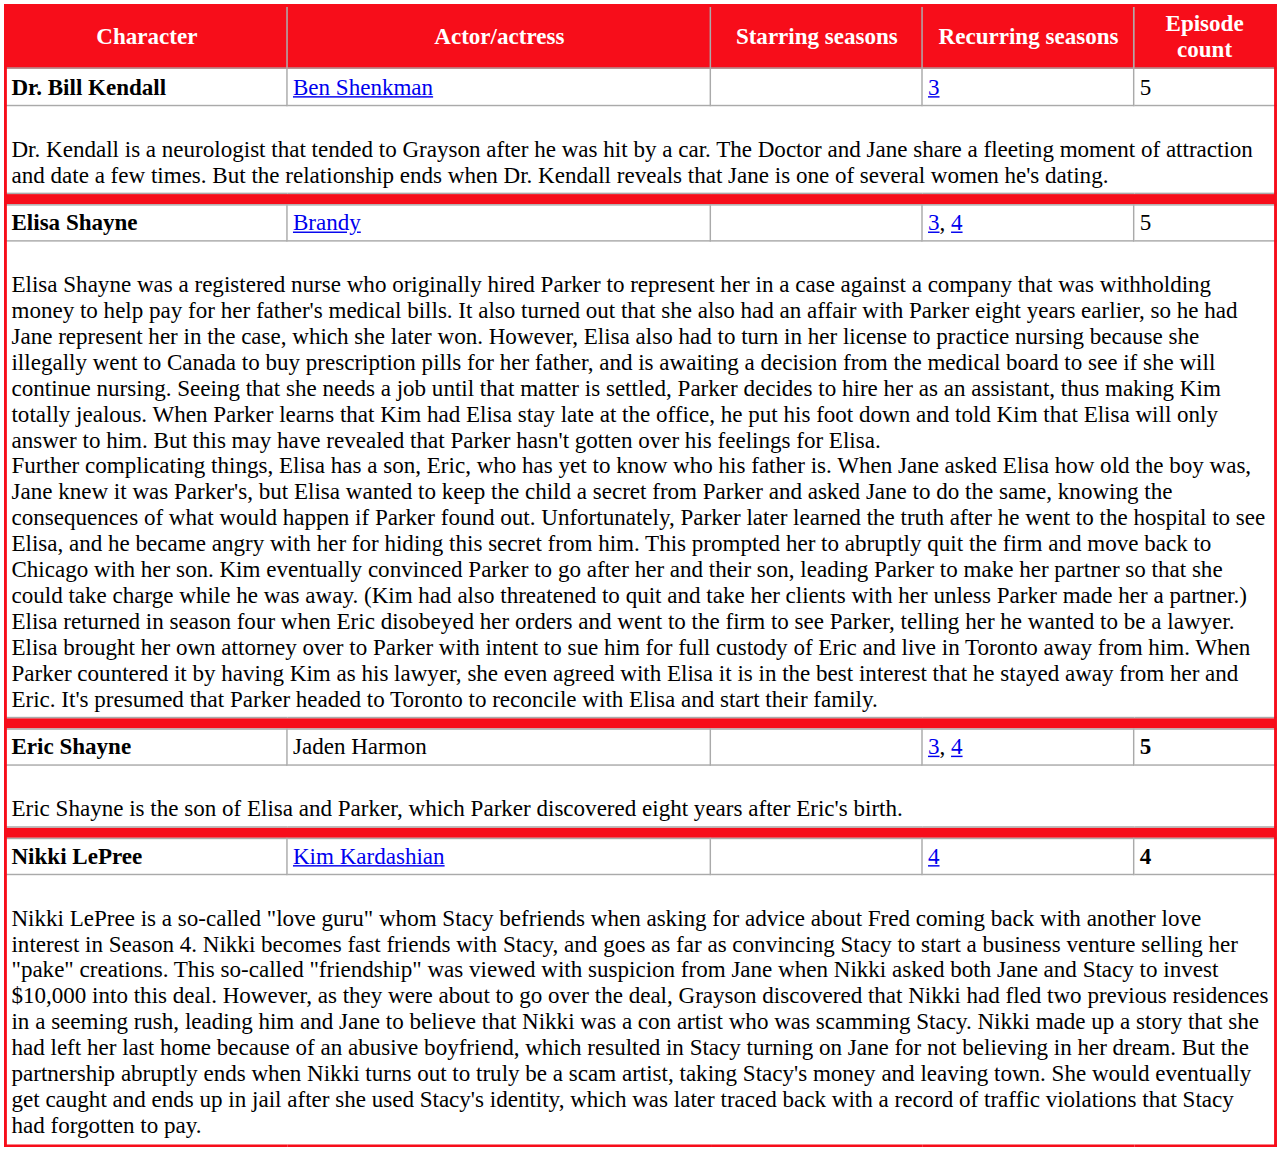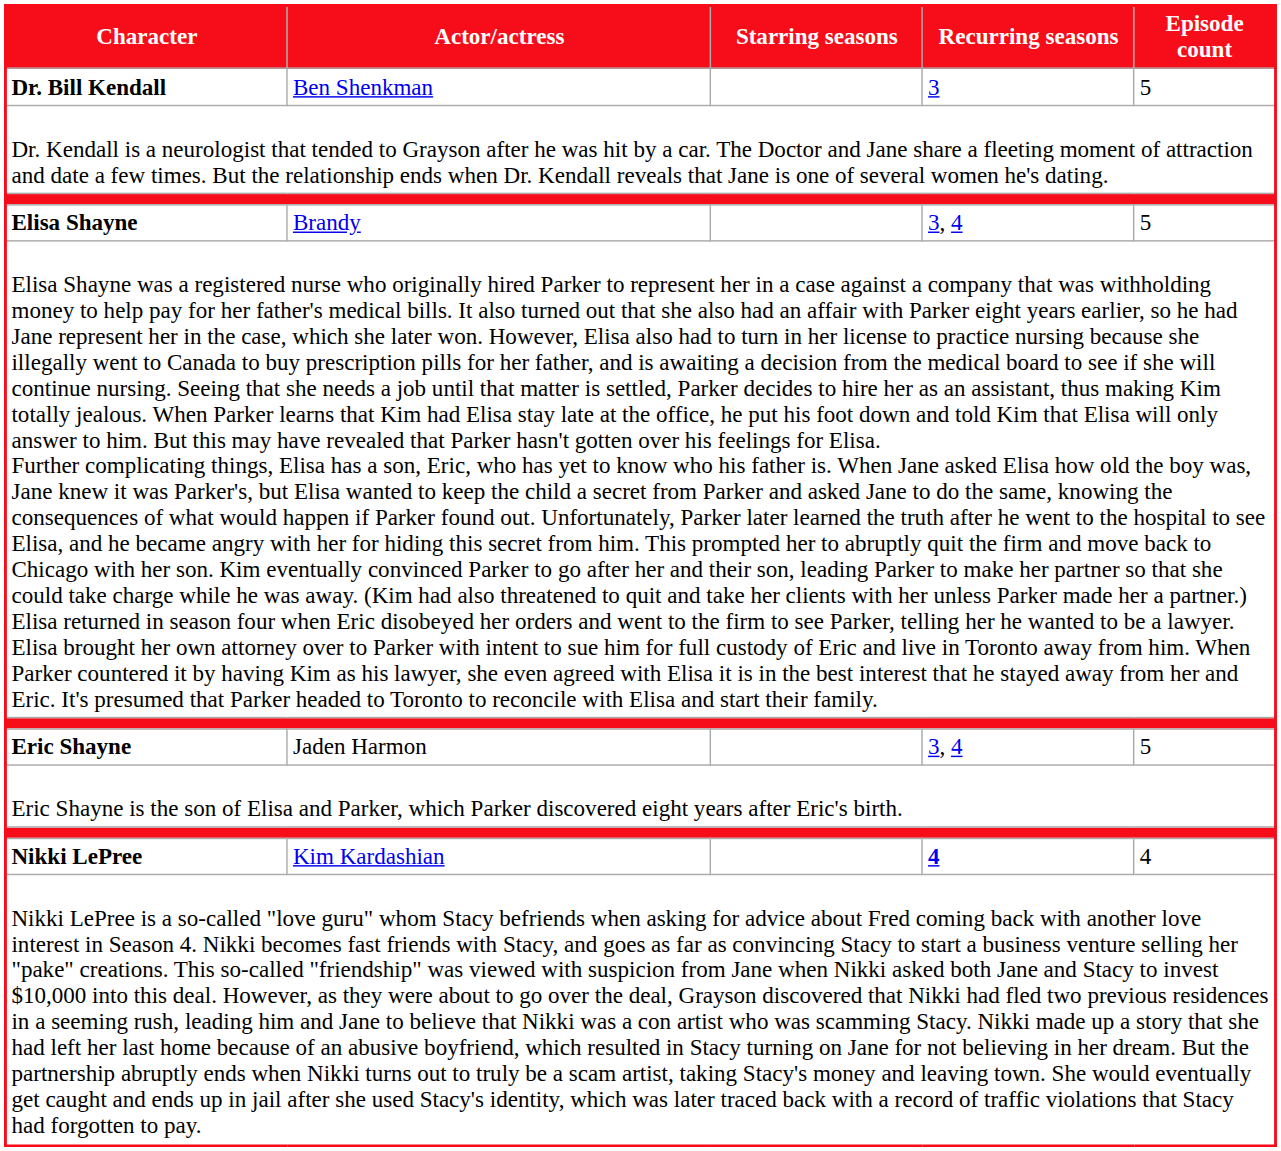 <table class="wikitable sortable collapsible" style="width:100%; margin-right:auto; background: #FFFFFF; border:2px solid #F70D1A;">
 <tr style="color:white">
 <th style="background-color:#F70D1A; width:20%">Character</th>
 <th style="background-color:#F70D1A; width:30%">Actor/actress</th>
 <th style="background-color:#F70D1A; width:15%">Starring seasons</th>
 <th style="background-color:#F70D1A; width:15%">Recurring seasons</th>
 <th style="background-color:#F70D1A; width:10%">Episode count</th>
 </tr>
 <tr>
 <td><strong>Dr. Bill Kendall</strong></td>
 <td><a href='#'>Ben Shenkman</a></td>
 <td></td>
 <td><a href='#'>3</a></td>
 <td>5</td>
 </tr>
 <tr>
 <td colspan="6"><br>Dr. Kendall is a neurologist that tended to Grayson after he was hit by a car. The Doctor and Jane share a fleeting moment of attraction and date a few times. But the relationship ends when Dr. Kendall reveals that Jane is one of several women he's dating.</td>
 </tr>
 <tr>
 <td colspan="6" bgcolor="#F70D1A"></td>
 </tr>
 <tr>
 <td><strong>Elisa Shayne</strong></td>
 <td><a href='#'>Brandy</a></td>
 <td></td>
 <td><a href='#'>3</a>, <a href='#'>4</a></td>
 <td>5</td>
 </tr>
 <tr>
 <td colspan="6"><br> Elisa Shayne was a registered nurse who originally hired Parker to represent her in a case against a company that was withholding money to help pay for her father's medical bills. It also turned out that she also had an affair with Parker eight years earlier, so he had Jane represent her in the case, which she later won. However, Elisa also had to turn in her license to practice nursing because she illegally went to Canada to buy prescription pills for her father, and is awaiting a decision from the medical board to see if she will continue nursing. Seeing that she needs a job until that matter is settled, Parker decides to hire her as an assistant, thus making Kim totally jealous. When Parker learns that Kim had Elisa stay late at the office, he put his foot down and told Kim that Elisa will only answer to him. But this may have revealed that Parker hasn't gotten over his feelings for Elisa.<br>Further complicating things, Elisa has a son, Eric, who has yet to know who his father is. When Jane asked Elisa how old the boy was, Jane knew it was Parker's, but Elisa wanted to keep the child a secret from Parker and asked Jane to do the same, knowing the consequences of what would happen if Parker found out. Unfortunately, Parker later learned the truth after he went to the hospital to see Elisa, and he became angry with her for hiding this secret from him. This prompted her to abruptly quit the firm and move back to Chicago with her son. Kim eventually convinced Parker to go after her and their son, leading Parker to make her partner so that she could take charge while he was away. (Kim had also threatened to quit and take her clients with her unless Parker made her a partner.) Elisa returned in season four when Eric disobeyed her orders and went to the firm to see Parker, telling her he wanted to be a lawyer. Elisa brought her own attorney over to Parker with intent to sue him for full custody of Eric and live in Toronto away from him. When Parker countered it by having Kim as his lawyer, she even agreed with Elisa it is in the best interest that he stayed away from her and Eric. It's presumed that Parker headed to Toronto to reconcile with Elisa and start their family.</td>
 </tr>
 <tr>
 <td colspan="6" bgcolor="#F70D1A"></td>
 </tr>
 <tr>
 <td><strong>Eric Shayne</strong></td>
 <td>Jaden Harmon</td>
 <td></td>
 <td><a href='#'>3</a>, <a href='#'>4</a></td>
-<td><strong>5</strong></td>
+<td>5</td>
 </tr>
 <tr>
 <td colspan="6"><br>Eric Shayne is the son of Elisa and Parker, which Parker discovered eight years after Eric's birth.</td>
 </tr>
 <tr>
 <td colspan="6" bgcolor="#F70D1A"></td>
 </tr>
 <tr>
 <td><strong>Nikki LePree</strong></td>
 <td><a href='#'>Kim Kardashian</a></td>
 <td></td>
-<td><a href='#'>4</a></td>
-<td><strong>4</strong></td>
+<td><strong><a href='#'>4</a></strong></td>
+<td>4</td>
 </tr>
 <tr>
 <td colspan="6"><br> Nikki LePree is a so-called "love guru" whom Stacy befriends when asking for advice about Fred coming back with another love interest in Season 4. Nikki becomes fast friends with Stacy, and goes as far as convincing Stacy to start a business venture selling her "pake" creations. This so-called "friendship" was viewed with suspicion from Jane when Nikki asked both Jane and Stacy to invest $10,000 into this deal.  However, as they were about to go over the deal, Grayson discovered that Nikki had fled two previous residences in a seeming rush, leading him and Jane to believe that Nikki was a con artist who was scamming Stacy. Nikki made up a story that she had left her last home because of an abusive boyfriend, which resulted in Stacy turning on Jane for not believing in her dream. But the partnership abruptly ends when Nikki turns out to truly be a scam artist, taking Stacy's money and leaving town. She would eventually get caught and ends up in jail after she used Stacy's identity, which was later traced back with a record of traffic violations that Stacy had forgotten to pay.</td>
 </tr>
 </table>
